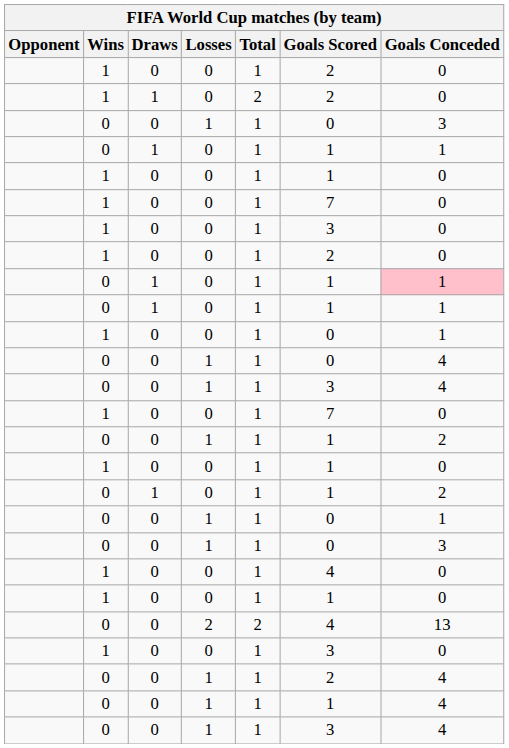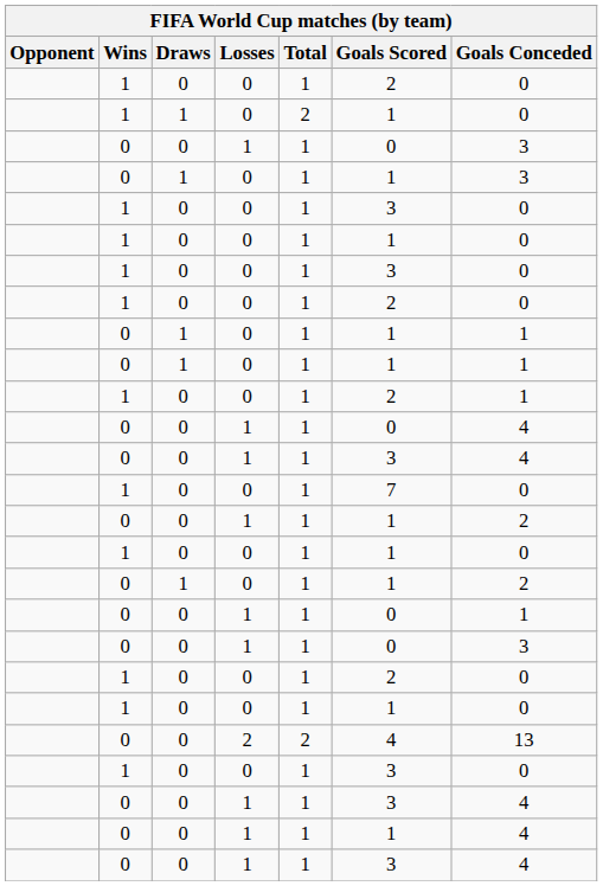 <table class="wikitable sortable" style="text-align: center;">
 <tr>
 <th colspan=7>FIFA World Cup matches (by team)</th>
 </tr>
 <tr>
 <th>Opponent</th>
 <th>Wins</th>
 <th>Draws</th>
 <th>Losses</th>
 <th>Total</th>
 <th>Goals Scored</th>
 <th>Goals Conceded</th>
 </tr>
 <tr>
 <td align="left"></td>
 <td>1</td>
 <td>0</td>
 <td>0</td>
 <td>1</td>
 <td>2</td>
 <td>0</td>
 </tr>
 <tr>
 <td align="left"></td>
 <td>1</td>
 <td>1</td>
 <td>0</td>
 <td>2</td>
-<td>2</td>
+<td>1</td>
 <td>0</td>
 </tr>
 <tr>
 <td align="left"></td>
 <td>0</td>
 <td>0</td>
 <td>1</td>
 <td>1</td>
 <td>0</td>
 <td>3</td>
 </tr>
 <tr>
 <td align="left"></td>
 <td>0</td>
 <td>1</td>
 <td>0</td>
 <td>1</td>
 <td>1</td>
+<td>3</td>
+</tr>
+<tr>
+<td align="left"></td>
 <td>1</td>
+<td>0</td>
+<td>0</td>
+<td>1</td>
+<td>3</td>
+<td>0</td>
 </tr>
 <tr>
 <td align="left"></td>
 <td>1</td>
 <td>0</td>
 <td>0</td>
 <td>1</td>
 <td>1</td>
-<td>0</td>
-</tr>
-<tr>
-<td align="left"></td>
-<td>1</td>
-<td>0</td>
-<td>0</td>
-<td>1</td>
-<td>7</td>
 <td>0</td>
 </tr>
 <tr>
 <td align="left"></td>
 <td>1</td>
 <td>0</td>
 <td>0</td>
 <td>1</td>
 <td>3</td>
 <td>0</td>
 </tr>
 <tr>
 <td align="left"></td>
 <td>1</td>
 <td>0</td>
 <td>0</td>
 <td>1</td>
 <td>2</td>
 <td>0</td>
 </tr>
 <tr>
 <td align="left"></td>
 <td>0</td>
 <td>1</td>
 <td>0</td>
 <td>1</td>
 <td>1</td>
-<td style="background: pink;">1</td>
+<td>1</td>
 </tr>
 <tr>
 <td align="left"></td>
 <td>0</td>
 <td>1</td>
 <td>0</td>
 <td>1</td>
 <td>1</td>
 <td>1</td>
 </tr>
 <tr>
 <td align="left"></td>
 <td>1</td>
 <td>0</td>
 <td>0</td>
 <td>1</td>
-<td>0</td>
+<td>2</td>
 <td>1</td>
 </tr>
 <tr>
 <td align="left"></td>
 <td>0</td>
 <td>0</td>
 <td>1</td>
 <td>1</td>
 <td>0</td>
 <td>4</td>
 </tr>
 <tr>
 <td align="left"></td>
 <td>0</td>
 <td>0</td>
 <td>1</td>
 <td>1</td>
 <td>3</td>
 <td>4</td>
 </tr>
 <tr>
 <td align="left"></td>
 <td>1</td>
 <td>0</td>
 <td>0</td>
 <td>1</td>
 <td>7</td>
 <td>0</td>
 </tr>
 <tr>
 <td align="left"></td>
 <td>0</td>
 <td>0</td>
 <td>1</td>
 <td>1</td>
 <td>1</td>
 <td>2</td>
 </tr>
 <tr>
 <td align="left"></td>
 <td>1</td>
 <td>0</td>
 <td>0</td>
 <td>1</td>
 <td>1</td>
 <td>0</td>
 </tr>
 <tr>
 <td align="left"></td>
 <td>0</td>
 <td>1</td>
 <td>0</td>
 <td>1</td>
 <td>1</td>
 <td>2</td>
 </tr>
 <tr>
 <td align="left"></td>
 <td>0</td>
 <td>0</td>
 <td>1</td>
 <td>1</td>
 <td>0</td>
 <td>1</td>
 </tr>
 <tr>
 <td align="left"></td>
 <td>0</td>
 <td>0</td>
 <td>1</td>
 <td>1</td>
 <td>0</td>
 <td>3</td>
 </tr>
 <tr>
 <td align="left"></td>
 <td>1</td>
 <td>0</td>
 <td>0</td>
 <td>1</td>
-<td>4</td>
+<td>2</td>
 <td>0</td>
 </tr>
 <tr>
 <td align="left"></td>
 <td>1</td>
 <td>0</td>
 <td>0</td>
 <td>1</td>
 <td>1</td>
 <td>0</td>
 </tr>
 <tr>
 <td align="left"></td>
 <td>0</td>
 <td>0</td>
 <td>2</td>
 <td>2</td>
 <td>4</td>
 <td>13</td>
 </tr>
 <tr>
 <td align="left"></td>
 <td>1</td>
 <td>0</td>
 <td>0</td>
 <td>1</td>
 <td>3</td>
 <td>0</td>
 </tr>
 <tr>
 <td align="left"></td>
 <td>0</td>
 <td>0</td>
 <td>1</td>
 <td>1</td>
-<td>2</td>
+<td>3</td>
 <td>4</td>
 </tr>
 <tr>
 <td align="left"></td>
 <td>0</td>
 <td>0</td>
 <td>1</td>
 <td>1</td>
 <td>1</td>
 <td>4</td>
 </tr>
 <tr>
 <td align="left"></td>
 <td>0</td>
 <td>0</td>
 <td>1</td>
 <td>1</td>
 <td>3</td>
 <td>4</td>
 </tr>
 </table>
